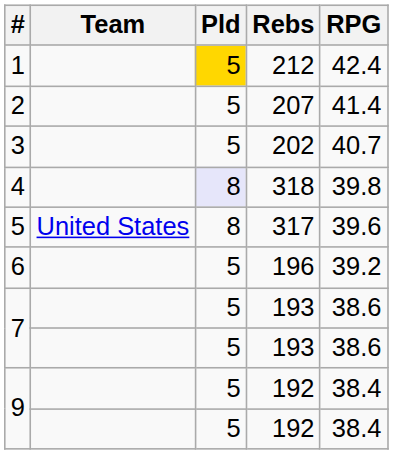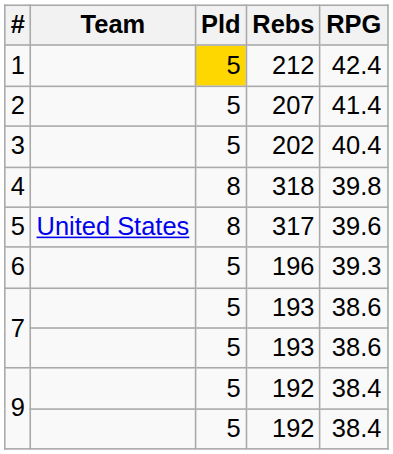 <table class=wikitable style="text-align:right; display:inline-table;">
 <tr>
 <th>#</th>
 <th>Team</th>
 <th>Pld</th>
 <th>Rebs</th>
 <th>RPG</th>
 </tr>
 <tr>
 <td>1</td>
 <td align=left><strong></strong></td>
 <td style="background: gold;">5</td>
 <td>212</td>
 <td>42.4</td>
 </tr>
 <tr>
 <td>2</td>
 <td align=left></td>
 <td>5</td>
 <td>207</td>
 <td>41.4</td>
 </tr>
 <tr>
 <td>3</td>
 <td align=left></td>
 <td>5</td>
 <td>202</td>
-<td>40.7</td>
+<td>40.4</td>
 </tr>
 <tr>
 <td>4</td>
 <td align=left></td>
-<td style="background: lavender;">8</td>
+<td>8</td>
 <td>318</td>
 <td>39.8</td>
 </tr>
 <tr>
 <td>5</td>
 <td align=left> <a href='#'>United States</a></td>
 <td>8</td>
 <td>317</td>
 <td>39.6</td>
 </tr>
 <tr>
 <td>6</td>
 <td align=left></td>
 <td>5</td>
 <td>196</td>
-<td>39.2</td>
+<td>39.3</td>
 </tr>
 <tr>
 <td rowspan=2>7</td>
 <td align=left></td>
 <td>5</td>
 <td>193</td>
 <td>38.6</td>
 </tr>
 <tr>
 <td align=left></td>
 <td>5</td>
 <td>193</td>
 <td>38.6</td>
 </tr>
 <tr>
 <td rowspan=2>9</td>
 <td align=left></td>
 <td>5</td>
 <td>192</td>
 <td>38.4</td>
 </tr>
 <tr>
 <td align=left></td>
 <td>5</td>
 <td>192</td>
 <td>38.4</td>
 </tr>
 </table>
